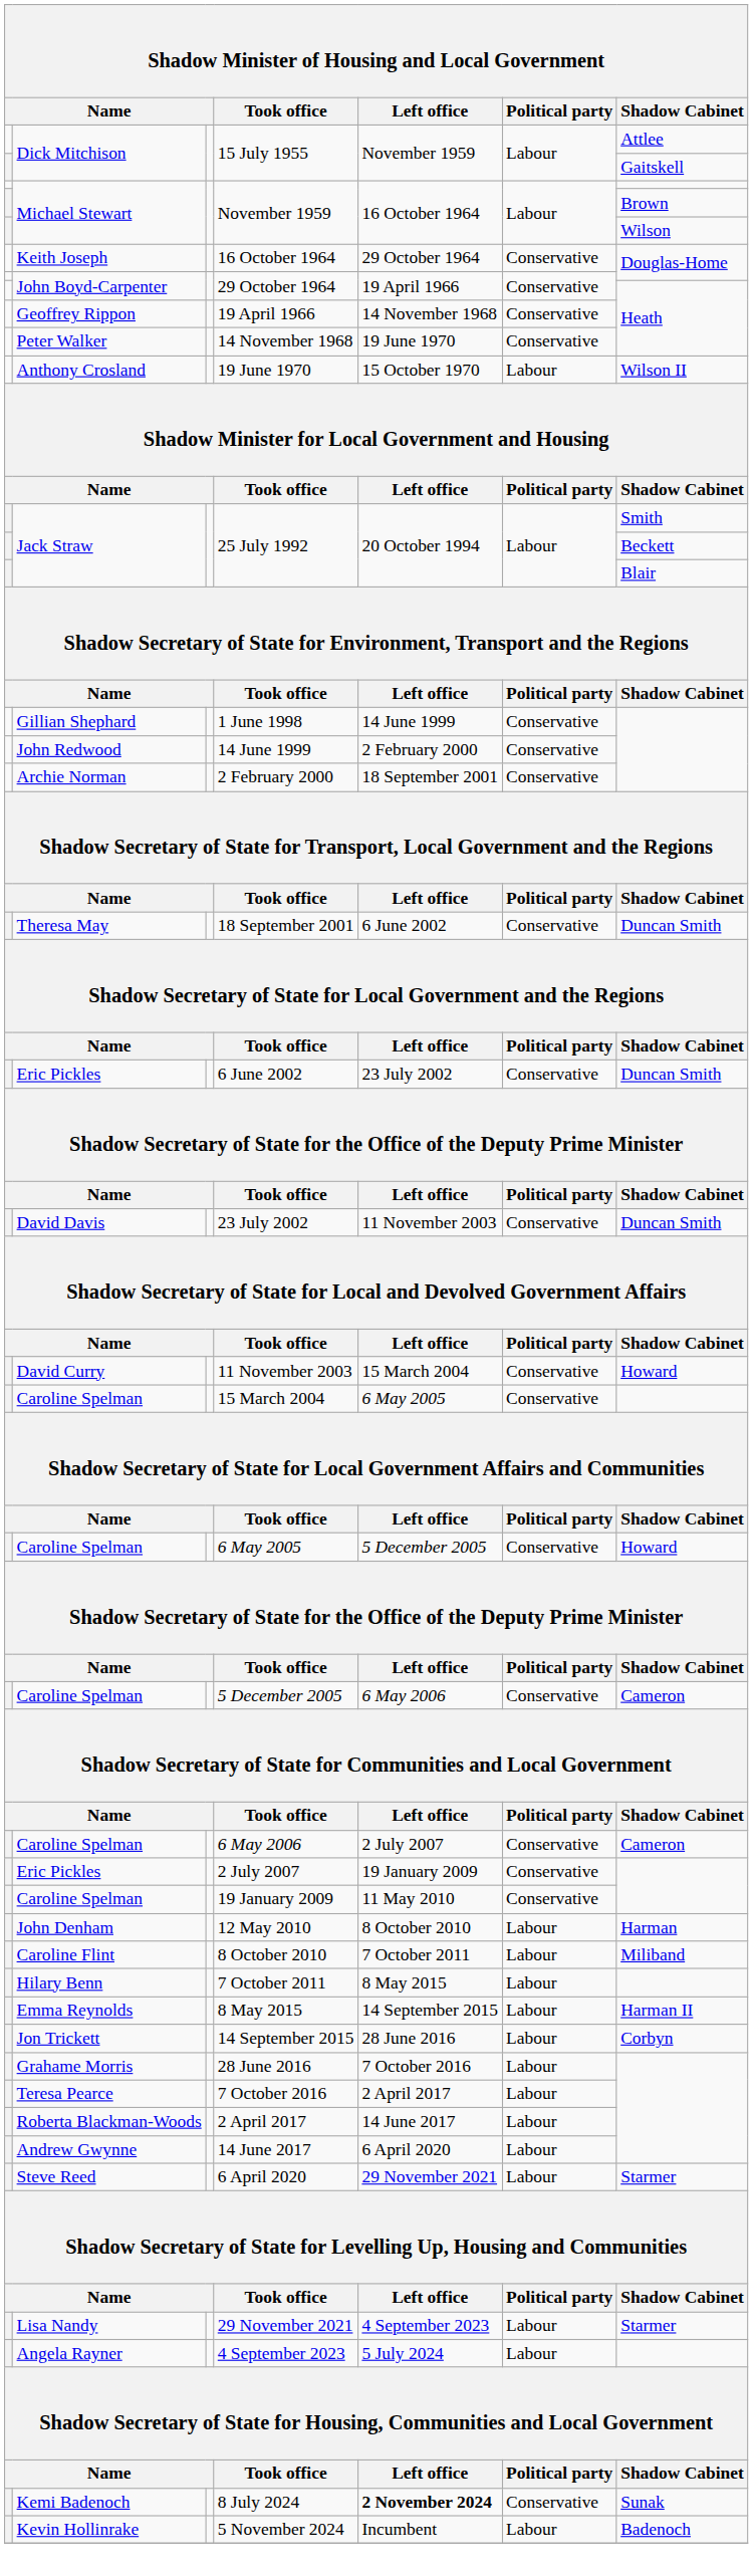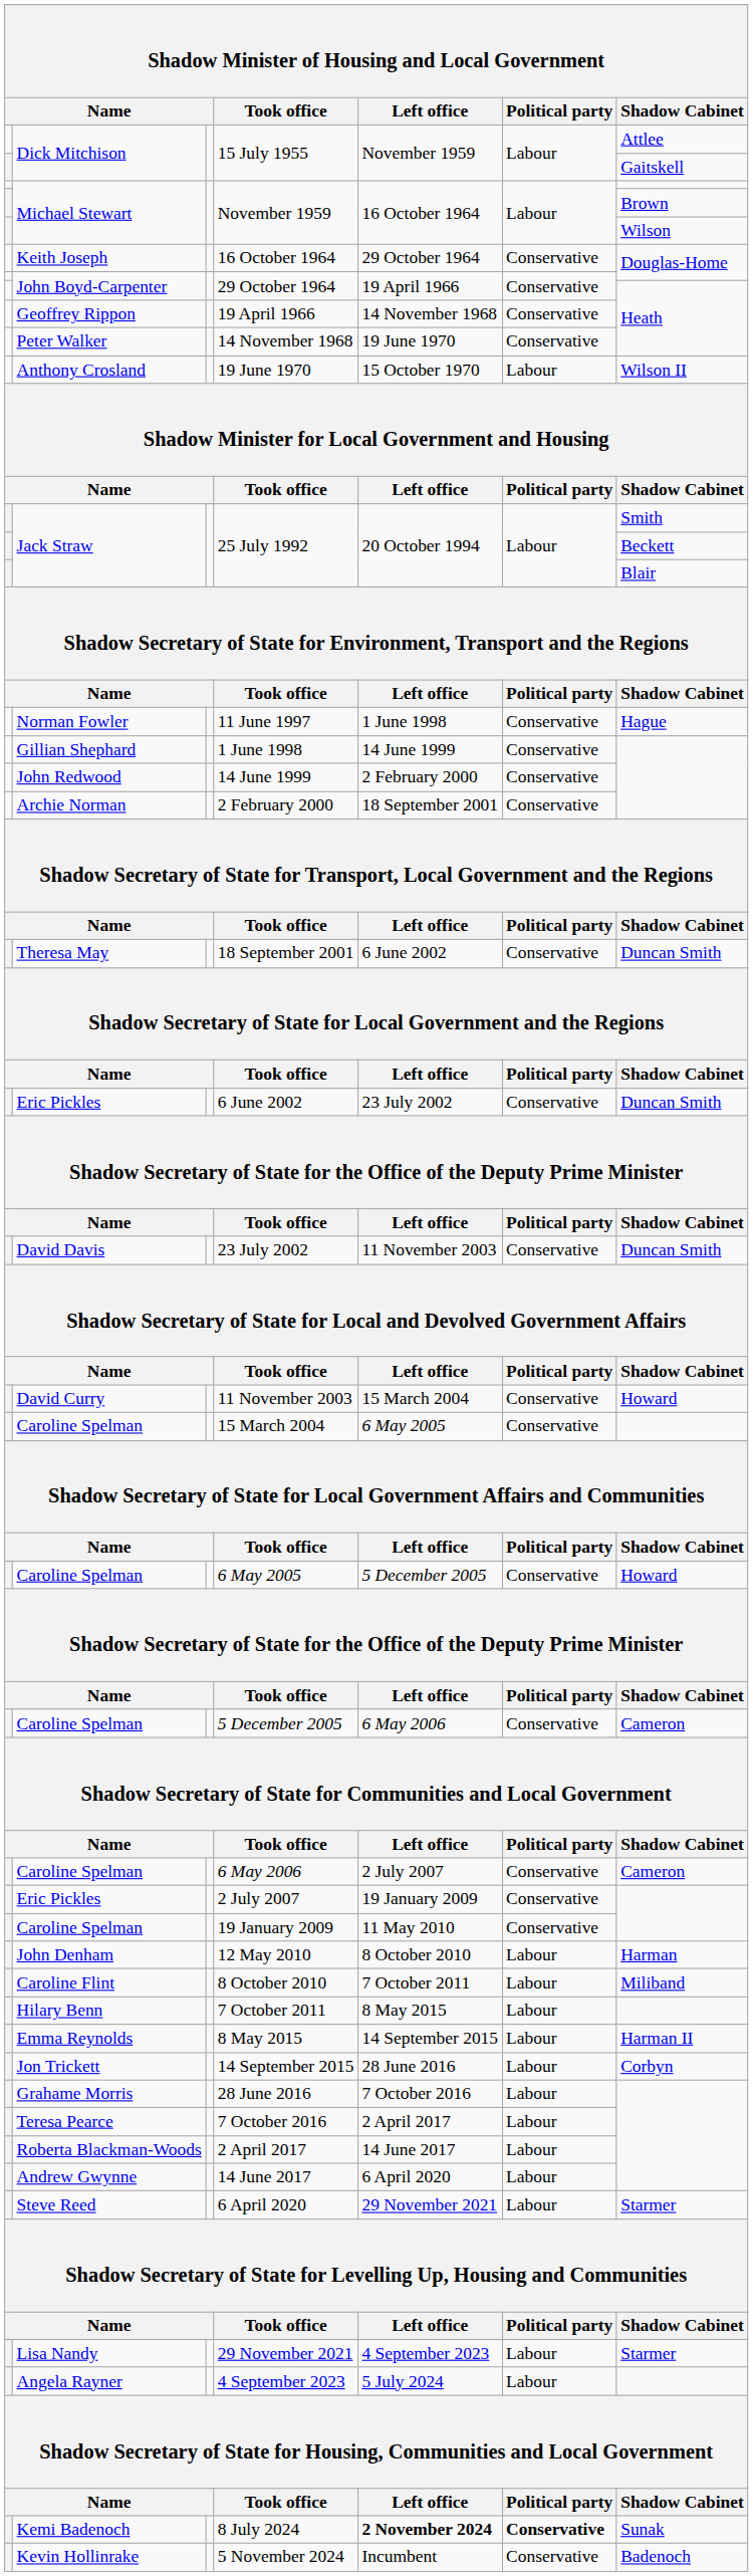 <table class="wikitable">
 <tr>
 <th colspan=7><br><h3>Shadow Minister of Housing and Local Government</h3></th>
 </tr>
 <tr>
 <th colspan="3">Name</th>
 <th>Took office</th>
 <th>Left office</th>
 <th>Political party</th>
 <th>Shadow Cabinet</th>
 </tr>
 <tr>
 <td style="background-color: "></td>
 <td rowspan=2><a href='#'>Dick Mitchison</a></td>
 <td rowspan=2></td>
 <td rowspan=2>15 July 1955</td>
 <td rowspan=2>November 1959</td>
 <td rowspan=2 >Labour</td>
 <td><a href='#'>Attlee</a></td>
 </tr>
 <tr>
 <th style="background-color: "></th>
 <td><a href='#'>Gaitskell</a></td>
 </tr>
 <tr>
 <td style="background-color: "></td>
 <td rowspan=3><a href='#'>Michael Stewart</a></td>
 <td rowspan=3></td>
 <td rowspan=3>November 1959</td>
 <td rowspan=3>16 October 1964</td>
 <td rowspan=3 >Labour</td>
 </tr>
 <tr>
 <th style="background-color: "></th>
 <td><a href='#'>Brown</a></td>
 </tr>
 <tr>
 <th style="background-color: "></th>
 <td><a href='#'>Wilson</a></td>
 </tr>
 <tr>
 <td style="background-color: "></td>
 <td><a href='#'>Keith Joseph</a></td>
 <td></td>
 <td>16 October 1964</td>
 <td>29 October 1964</td>
 <td>Conservative</td>
 <td rowspan=2 ><a href='#'>Douglas-Home</a></td>
 </tr>
 <tr>
 <td style="background-color: "></td>
 <td rowspan=2><a href='#'>John Boyd-Carpenter</a></td>
 <td rowspan=2></td>
 <td rowspan=2>29 October 1964</td>
 <td rowspan=2>19 April 1966</td>
 <td rowspan=2 >Conservative</td>
 </tr>
 <tr>
 <td style="background-color: "></td>
 <td rowspan=3 ><a href='#'>Heath</a></td>
 </tr>
 <tr>
 <td style="background-color: "></td>
 <td><a href='#'>Geoffrey Rippon</a></td>
 <td></td>
 <td>19 April 1966</td>
 <td>14 November 1968</td>
 <td>Conservative</td>
 </tr>
 <tr>
 <td style="background-color: "></td>
 <td><a href='#'>Peter Walker</a></td>
 <td></td>
 <td>14 November 1968</td>
 <td>19 June 1970</td>
 <td>Conservative</td>
 </tr>
 <tr>
 <td style="background-color: "></td>
 <td><a href='#'>Anthony Crosland</a></td>
 <td></td>
 <td>19 June 1970</td>
 <td>15 October 1970</td>
 <td>Labour</td>
 <td><a href='#'>Wilson II</a></td>
 </tr>
 <tr>
 <th colspan=7><br><h3>Shadow Minister for Local Government and Housing</h3></th>
 </tr>
 <tr>
 <th colspan="3">Name</th>
 <th>Took office</th>
 <th>Left office</th>
 <th>Political party</th>
 <th>Shadow Cabinet</th>
 </tr>
 <tr>
 <th style="background-color: "></th>
 <td rowspan=3><a href='#'>Jack Straw</a></td>
 <td rowspan=3></td>
 <td rowspan=3>25 July 1992</td>
 <td rowspan=3>20 October 1994</td>
 <td rowspan=3 >Labour</td>
 <td><a href='#'>Smith</a></td>
 </tr>
 <tr>
 <th style="background-color: "></th>
 <td><a href='#'>Beckett</a></td>
 </tr>
 <tr>
 <th style="background-color: "></th>
 <td><a href='#'>Blair</a></td>
 </tr>
 <tr>
 <th colspan=7><br><h3>Shadow Secretary of State for Environment, Transport and the Regions</h3></th>
 </tr>
 <tr>
 <th colspan="3">Name</th>
 <th>Took office</th>
 <th>Left office</th>
 <th>Political party</th>
 <th>Shadow Cabinet</th>
+</tr>
+<tr>
+<td style="background-color: "></td>
+<td><a href='#'>Norman Fowler</a></td>
+<td></td>
+<td>11 June 1997</td>
+<td>1 June 1998</td>
+<td>Conservative</td>
+<td><a href='#'>Hague</a></td>
 </tr>
 <tr>
 <td style="background-color: "></td>
 <td><a href='#'>Gillian Shephard</a></td>
 <td></td>
 <td>1 June 1998</td>
 <td>14 June 1999</td>
 <td>Conservative</td>
 </tr>
 <tr>
 <td style="background-color: "></td>
 <td><a href='#'>John Redwood</a></td>
 <td></td>
 <td>14 June 1999</td>
 <td>2 February 2000</td>
 <td>Conservative</td>
 </tr>
 <tr>
 <td style="background-color: "></td>
 <td><a href='#'>Archie Norman</a></td>
 <td></td>
 <td>2 February 2000</td>
 <td>18 September 2001</td>
 <td>Conservative</td>
 </tr>
 <tr>
 <th colspan=7><br><h3>Shadow Secretary of State for Transport, Local Government and the Regions</h3></th>
 </tr>
 <tr>
 <th colspan="3">Name</th>
 <th>Took office</th>
 <th>Left office</th>
 <th>Political party</th>
 <th>Shadow Cabinet</th>
 </tr>
 <tr>
 <th style="background-color: "></th>
 <td><a href='#'>Theresa May</a></td>
 <td></td>
 <td>18 September 2001</td>
 <td>6 June 2002</td>
 <td>Conservative</td>
 <td><a href='#'>Duncan Smith</a></td>
 </tr>
 <tr>
 <th colspan=7><br><h3>Shadow Secretary of State for Local Government and the Regions</h3></th>
 </tr>
 <tr>
 <th colspan="3">Name</th>
 <th>Took office</th>
 <th>Left office</th>
 <th>Political party</th>
 <th>Shadow Cabinet</th>
 </tr>
 <tr>
 <th style="background-color: "></th>
 <td><a href='#'>Eric Pickles</a></td>
 <td></td>
 <td>6 June 2002</td>
 <td>23 July 2002</td>
 <td>Conservative</td>
 <td><a href='#'>Duncan Smith</a></td>
 </tr>
 <tr>
 <th colspan=7><br><h3>Shadow Secretary of State for the Office of the Deputy Prime Minister</h3></th>
 </tr>
 <tr>
 <th colspan="3">Name</th>
 <th>Took office</th>
 <th>Left office</th>
 <th>Political party</th>
 <th>Shadow Cabinet</th>
 </tr>
 <tr>
 <th style="background-color: "></th>
 <td><a href='#'>David Davis</a></td>
 <td></td>
 <td>23 July 2002</td>
 <td>11 November 2003</td>
 <td>Conservative</td>
 <td><a href='#'>Duncan Smith</a></td>
 </tr>
 <tr>
 <th colspan=7><br><h3>Shadow Secretary of State for Local and Devolved Government Affairs</h3></th>
 </tr>
 <tr>
 <th colspan="3">Name</th>
 <th>Took office</th>
 <th>Left office</th>
 <th>Political party</th>
 <th>Shadow Cabinet</th>
 </tr>
 <tr>
 <th style="background-color: "></th>
 <td><a href='#'>David Curry</a></td>
 <td></td>
 <td>11 November 2003</td>
 <td>15 March 2004</td>
 <td>Conservative</td>
 <td><a href='#'>Howard</a></td>
 </tr>
 <tr>
 <th style="background-color: "></th>
 <td><a href='#'>Caroline Spelman</a></td>
 <td></td>
 <td>15 March 2004</td>
 <td><em>6 May 2005</em></td>
 <td>Conservative</td>
 </tr>
 <tr>
 <th colspan=7><br><h3>Shadow Secretary of State for Local Government Affairs and Communities</h3></th>
 </tr>
 <tr>
 <th colspan="3">Name</th>
 <th>Took office</th>
 <th>Left office</th>
 <th>Political party</th>
 <th>Shadow Cabinet</th>
 </tr>
 <tr>
 <th style="background-color: "></th>
 <td><a href='#'>Caroline Spelman</a></td>
 <td></td>
 <td><em>6 May 2005</em></td>
 <td><em>5 December 2005</em></td>
 <td>Conservative</td>
 <td><a href='#'>Howard</a></td>
 </tr>
 <tr>
 <th colspan=7><br><h3>Shadow Secretary of State for the Office of the Deputy Prime Minister</h3></th>
 </tr>
 <tr>
 <th colspan="3">Name</th>
 <th>Took office</th>
 <th>Left office</th>
 <th>Political party</th>
 <th>Shadow Cabinet</th>
 </tr>
 <tr>
 <th style="background-color: "></th>
 <td><a href='#'>Caroline Spelman</a></td>
 <td></td>
 <td><em>5 December 2005</em></td>
 <td><em>6 May 2006</em></td>
 <td>Conservative</td>
 <td><a href='#'>Cameron</a></td>
 </tr>
 <tr>
 <th colspan=7><br><h3>Shadow Secretary of State for Communities and Local Government</h3></th>
 </tr>
 <tr>
 <th colspan="3">Name</th>
 <th>Took office</th>
 <th>Left office</th>
 <th>Political party</th>
 <th>Shadow Cabinet</th>
 </tr>
 <tr>
 <th style="background-color: "></th>
 <td><a href='#'>Caroline Spelman</a></td>
 <td></td>
 <td><em>6 May 2006</em></td>
 <td>2 July 2007</td>
 <td>Conservative</td>
 <td><a href='#'>Cameron</a></td>
 </tr>
 <tr>
 <th style="background-color: "></th>
 <td><a href='#'>Eric Pickles</a></td>
 <td></td>
 <td>2 July 2007</td>
 <td>19 January 2009</td>
 <td>Conservative</td>
 </tr>
 <tr>
 <th style="background-color: "></th>
 <td><a href='#'>Caroline Spelman</a></td>
 <td></td>
 <td>19 January 2009</td>
 <td>11 May 2010</td>
 <td>Conservative</td>
 </tr>
 <tr>
 <th style="background-color: "></th>
 <td><a href='#'>John Denham</a></td>
 <td></td>
 <td>12 May 2010</td>
 <td>8 October 2010</td>
 <td>Labour</td>
 <td><a href='#'>Harman</a></td>
 </tr>
 <tr>
 <th style="background-color: "></th>
 <td><a href='#'>Caroline Flint</a></td>
 <td></td>
 <td>8 October 2010</td>
 <td>7 October 2011</td>
 <td>Labour</td>
 <td><a href='#'>Miliband</a></td>
 </tr>
 <tr>
 <th style="background-color: "></th>
 <td><a href='#'>Hilary Benn</a></td>
 <td></td>
 <td>7 October 2011</td>
 <td>8 May 2015</td>
 <td>Labour</td>
 </tr>
 <tr>
 <th style="background-color: "></th>
 <td><a href='#'>Emma Reynolds</a></td>
 <td></td>
 <td>8 May 2015</td>
 <td>14 September 2015</td>
 <td>Labour</td>
 <td><a href='#'>Harman II</a></td>
 </tr>
 <tr>
 <th style="background-color: "></th>
 <td><a href='#'>Jon Trickett</a></td>
 <td></td>
 <td>14 September 2015</td>
 <td>28 June 2016</td>
 <td>Labour</td>
 <td><a href='#'>Corbyn</a></td>
 </tr>
 <tr>
 <th style="background-color: "></th>
 <td><a href='#'>Grahame Morris</a></td>
 <td></td>
 <td>28 June 2016</td>
 <td>7 October 2016</td>
 <td>Labour</td>
 </tr>
 <tr>
 <th style="background-color: "></th>
 <td><a href='#'>Teresa Pearce</a></td>
 <td></td>
 <td>7 October 2016</td>
 <td>2 April 2017</td>
 <td>Labour</td>
 </tr>
 <tr>
 <th style="background-color: "></th>
 <td><a href='#'>Roberta Blackman-Woods</a></td>
 <td></td>
 <td>2 April 2017</td>
 <td>14 June 2017</td>
 <td>Labour</td>
 </tr>
 <tr>
 <th style="background-color: "></th>
 <td><a href='#'>Andrew Gwynne</a></td>
 <td></td>
 <td>14 June 2017</td>
 <td>6 April 2020</td>
 <td>Labour</td>
 </tr>
 <tr>
 <th style="background-color: "></th>
 <td><a href='#'>Steve Reed</a></td>
 <td></td>
 <td>6 April 2020</td>
 <td><a href='#'>29 November 2021</a></td>
 <td>Labour</td>
 <td><a href='#'>Starmer</a></td>
 </tr>
 <tr>
 <th colspan=7><br><h3>Shadow Secretary of State for Levelling Up, Housing and Communities</h3></th>
 </tr>
 <tr>
 <th colspan="3">Name</th>
 <th>Took office</th>
 <th>Left office</th>
 <th>Political party</th>
 <th>Shadow Cabinet</th>
 </tr>
 <tr>
 <th style="background-color: "></th>
 <td><a href='#'>Lisa Nandy</a></td>
 <td></td>
 <td><a href='#'>29 November 2021</a></td>
 <td><a href='#'>4 September 2023</a></td>
 <td>Labour</td>
 <td><a href='#'>Starmer</a></td>
 </tr>
 <tr>
 <th style="background-color: "></th>
 <td><a href='#'>Angela Rayner</a></td>
 <td></td>
 <td><a href='#'>4 September 2023</a></td>
 <td><a href='#'>5 July 2024</a></td>
 <td>Labour</td>
 </tr>
 <tr>
 <th colspan=7><br><h3>Shadow Secretary of State for Housing, Communities and Local Government</h3></th>
 </tr>
 <tr>
 <th colspan="3">Name</th>
 <th>Took office</th>
 <th>Left office</th>
 <th>Political party</th>
 <th>Shadow Cabinet</th>
 </tr>
 <tr>
 <th style="background-color: "></th>
 <td><a href='#'>Kemi Badenoch</a></td>
 <td></td>
 <td>8 July 2024</td>
 <td><strong>2 November 2024</strong></td>
-<td>Conservative</td>
+<td><strong>Conservative</strong></td>
 <td><a href='#'>Sunak</a></td>
 </tr>
 <tr>
 <th style="background-color: "></th>
 <td><a href='#'>Kevin Hollinrake</a></td>
 <td></td>
 <td>5 November 2024</td>
 <td>Incumbent</td>
-<td>Labour</td>
+<td>Conservative</td>
 <td><a href='#'>Badenoch</a></td>
 </tr>
 <tr>
 </tr>
 </table>
